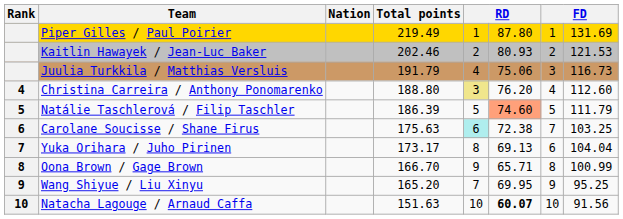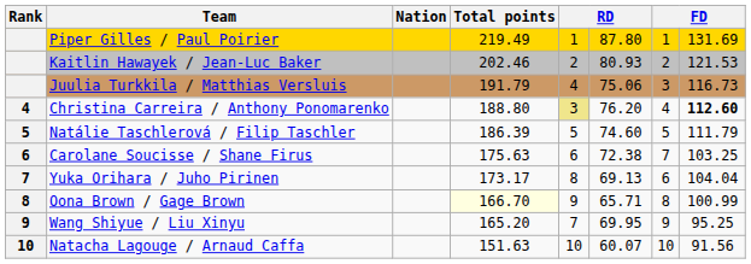 <table class="wikitable sortable" style="text-align:left">
 <tr>
 <th scope="col">Rank</th>
 <th scope="col">Team</th>
 <th scope="col">Nation</th>
 <th scope="col">Total points</th>
 <th scope="col" colspan="2" width="80px"><a href='#'>RD</a></th>
 <th scope="col" colspan="2" width="80px"><a href='#'>FD</a></th>
 </tr>
 <tr bgcolor="gold">
 <th scope="row"></th>
 <td><a href='#'>Piper Gilles</a> / <a href='#'>Paul Poirier</a></td>
 <td></td>
 <td align="center">219.49</td>
 <td align="center">1</td>
 <td align="center">87.80</td>
 <td align="center">1</td>
 <td align="center">131.69</td>
 </tr>
 <tr bgcolor="silver">
 <th scope="row"></th>
 <td><a href='#'>Kaitlin Hawayek</a> / <a href='#'>Jean-Luc Baker</a></td>
 <td></td>
 <td align="center">202.46</td>
 <td align="center">2</td>
 <td align="center">80.93</td>
 <td align="center">2</td>
 <td align="center">121.53</td>
 </tr>
 <tr bgcolor="cc9966">
 <th scope="row"></th>
 <td><a href='#'>Juulia Turkkila</a> / <a href='#'>Matthias Versluis</a></td>
 <td></td>
 <td align="center">191.79</td>
 <td align="center">4</td>
 <td align="center">75.06</td>
 <td align="center">3</td>
 <td align="center">116.73</td>
 </tr>
 <tr>
 <th scope="row">4</th>
 <td><a href='#'>Christina Carreira</a> / <a href='#'>Anthony Ponomarenko</a></td>
 <td></td>
 <td align="center">188.80</td>
 <td align="center" style="background: khaki;">3</td>
 <td align="center">76.20</td>
 <td align="center">4</td>
-<td align="center">112.60</td>
+<td align="center"><strong>112.60</strong></td>
 </tr>
 <tr>
 <th scope="row">5</th>
 <td><a href='#'>Natálie Taschlerová</a> / <a href='#'>Filip Taschler</a></td>
 <td></td>
 <td align="center">186.39</td>
 <td align="center">5</td>
-<td align="center" style="background: lightsalmon;">74.60</td>
+<td align="center">74.60</td>
 <td align="center">5</td>
 <td align="center">111.79</td>
 </tr>
 <tr>
 <th scope="row">6</th>
 <td><a href='#'>Carolane Soucisse</a> / <a href='#'>Shane Firus</a></td>
 <td></td>
 <td align="center">175.63</td>
-<td align="center" style="background: paleturquoise;">6</td>
+<td align="center">6</td>
 <td align="center">72.38</td>
 <td align="center">7</td>
 <td align="center">103.25</td>
 </tr>
 <tr>
 <th scope="row">7</th>
 <td><a href='#'>Yuka Orihara</a> / <a href='#'>Juho Pirinen</a></td>
 <td></td>
 <td align="center">173.17</td>
 <td align="center">8</td>
 <td align="center">69.13</td>
 <td align="center">6</td>
 <td align="center">104.04</td>
 </tr>
 <tr>
 <th scope="row">8</th>
 <td><a href='#'>Oona Brown</a> / <a href='#'>Gage Brown</a></td>
 <td></td>
-<td align="center">166.70</td>
+<td align="center" style="background: lightyellow;">166.70</td>
 <td align="center">9</td>
 <td align="center">65.71</td>
 <td align="center">8</td>
 <td align="center">100.99</td>
 </tr>
 <tr>
 <th scope="row">9</th>
 <td><a href='#'>Wang Shiyue</a> / <a href='#'>Liu Xinyu</a></td>
 <td></td>
 <td align="center">165.20</td>
 <td align="center">7</td>
 <td align="center">69.95</td>
 <td align="center">9</td>
 <td align="center">95.25</td>
 </tr>
 <tr>
 <th scope="row">10</th>
 <td><a href='#'>Natacha Lagouge</a> / <a href='#'>Arnaud Caffa</a></td>
 <td></td>
 <td align="center">151.63</td>
 <td align="center">10</td>
-<td align="center"><strong>60.07</strong></td>
+<td align="center">60.07</td>
 <td align="center">10</td>
 <td align="center">91.56</td>
 </tr>
 </table>
